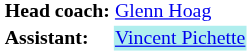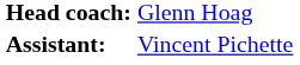 <table>
 <tr>
 <td><strong>Head coach:</strong></td>
 <td><a href='#'>Glenn Hoag</a></td>
 </tr>
 <tr>
 <td><strong>Assistant:</strong></td>
-<td style="background: paleturquoise;"><a href='#'>Vincent Pichette</a></td>
+<td><a href='#'>Vincent Pichette</a></td>
 </tr>
 </table>
